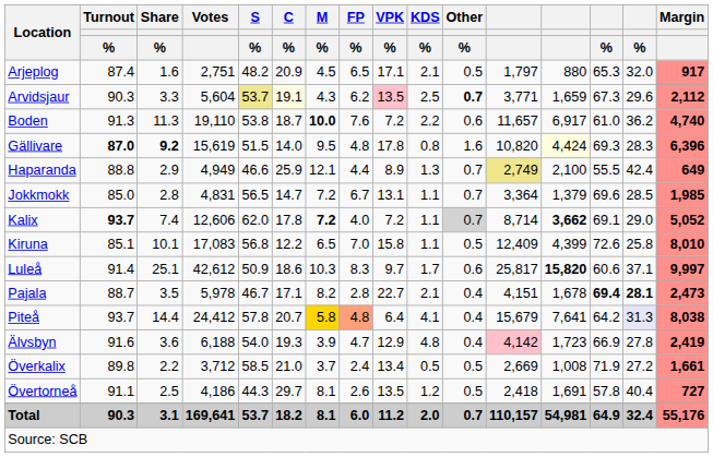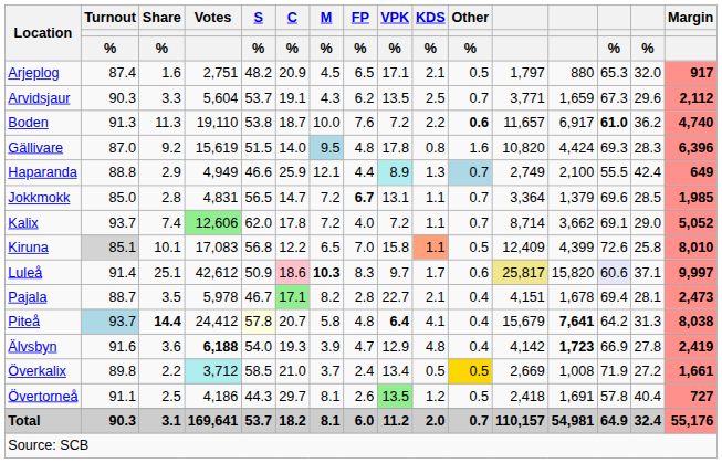 <table class="wikitable sortable" style="text-align:right; font-size:95%; line-height:20px;">
 <tr>
 <th rowspan="3">Location</th>
 <th>Turnout</th>
 <th>Share</th>
 <th>Votes</th>
 <th width="30px" class="unsortable"><a href='#'>S</a></th>
 <th width="30px" class="unsortable"><a href='#'>C</a></th>
 <th width="30px" class="unsortable"><a href='#'>M</a></th>
 <th width="30px" class="unsortable"><a href='#'>FP</a></th>
 <th width="30px" class="unsortable"><a href='#'>VPK</a></th>
 <th width="30px" class="unsortable"><a href='#'>KDS</a></th>
 <th width="30px" class="unsortable">Other</th>
 <th></th>
 <th></th>
 <th></th>
 <th></th>
 <th>Margin</th>
 </tr>
 <tr>
 <th></th>
 <th></th>
 <th></th>
 <th style="background:"></th>
 <th style="background:"></th>
 <th style="background:"></th>
 <th style="background:"></th>
 <th style="background:"></th>
 <th style="background:"></th>
 <th style="background:"></th>
 <th style="background:"></th>
 <th style="background:"></th>
 <th style="background:"></th>
 <th style="background:"></th>
 <th></th>
 </tr>
 <tr>
 <th data-sort-type="number">%</th>
 <th data-sort-type="number">%</th>
 <th></th>
 <th data-sort-type="number">%</th>
 <th data-sort-type="number">%</th>
 <th data-sort-type="number">%</th>
 <th data-sort-type="number">%</th>
 <th data-sort-type="number">%</th>
 <th data-sort-type="number">%</th>
 <th data-sort-type="number">%</th>
 <th data-sort-type="number"></th>
 <th data-sort-type="number"></th>
 <th data-sort-type="number">%</th>
 <th data-sort-type="number">%</th>
 <th data-sort-type="number"></th>
 </tr>
 <tr>
 <td align=left><a href='#'>Arjeplog</a></td>
 <td>87.4</td>
 <td>1.6</td>
 <td>2,751</td>
 <td>48.2</td>
 <td>20.9</td>
 <td>4.5</td>
 <td>6.5</td>
 <td>17.1</td>
 <td>2.1</td>
 <td>0.5</td>
 <td>1,797</td>
 <td>880</td>
 <td>65.3</td>
 <td>32.0</td>
 <td bgcolor=#ff908c><strong>917</strong></td>
 </tr>
 <tr>
 <td align=left><a href='#'>Arvidsjaur</a></td>
 <td>90.3</td>
 <td>3.3</td>
 <td>5,604</td>
-<td style="background: khaki;">53.7</td>
-<td style="background: lightyellow;">19.1</td>
+<td>53.7</td>
+<td>19.1</td>
 <td>4.3</td>
 <td>6.2</td>
-<td style="background: pink;">13.5</td>
+<td>13.5</td>
 <td>2.5</td>
-<td><strong>0.7</strong></td>
+<td>0.7</td>
 <td>3,771</td>
 <td>1,659</td>
 <td>67.3</td>
 <td>29.6</td>
 <td bgcolor=#ff908c><strong>2,112</strong></td>
 </tr>
 <tr>
 <td align=left><a href='#'>Boden</a></td>
 <td>91.3</td>
 <td>11.3</td>
 <td>19,110</td>
 <td>53.8</td>
 <td>18.7</td>
-<td><strong>10.0</strong></td>
+<td>10.0</td>
 <td>7.6</td>
 <td>7.2</td>
 <td>2.2</td>
-<td>0.6</td>
+<td><strong>0.6</strong></td>
 <td>11,657</td>
 <td>6,917</td>
-<td>61.0</td>
+<td><strong>61.0</strong></td>
 <td>36.2</td>
 <td bgcolor=#ff908c><strong>4,740</strong></td>
 </tr>
 <tr>
 <td align=left><a href='#'>Gällivare</a></td>
-<td><strong>87.0</strong></td>
-<td><strong>9.2</strong></td>
+<td>87.0</td>
+<td>9.2</td>
 <td>15,619</td>
 <td>51.5</td>
 <td>14.0</td>
-<td>9.5</td>
+<td style="background: lightblue;">9.5</td>
 <td>4.8</td>
 <td>17.8</td>
 <td>0.8</td>
 <td>1.6</td>
 <td>10,820</td>
-<td style="background: lightyellow;">4,424</td>
+<td>4,424</td>
 <td>69.3</td>
 <td>28.3</td>
 <td bgcolor=#ff908c><strong>6,396</strong></td>
 </tr>
 <tr>
 <td align=left><a href='#'>Haparanda</a></td>
 <td>88.8</td>
 <td>2.9</td>
 <td>4,949</td>
 <td>46.6</td>
 <td>25.9</td>
 <td>12.1</td>
 <td>4.4</td>
-<td>8.9</td>
+<td style="background: paleturquoise;">8.9</td>
 <td>1.3</td>
-<td>0.7</td>
-<td style="background: khaki;">2,749</td>
+<td style="background: lightblue;">0.7</td>
+<td>2,749</td>
 <td>2,100</td>
 <td>55.5</td>
 <td>42.4</td>
 <td bgcolor=#ff908c><strong>649</strong></td>
 </tr>
 <tr>
 <td align=left><a href='#'>Jokkmokk</a></td>
 <td>85.0</td>
 <td>2.8</td>
 <td>4,831</td>
 <td>56.5</td>
 <td>14.7</td>
 <td>7.2</td>
-<td>6.7</td>
+<td><strong>6.7</strong></td>
 <td>13.1</td>
 <td>1.1</td>
 <td>0.7</td>
 <td>3,364</td>
 <td>1,379</td>
 <td>69.6</td>
 <td>28.5</td>
 <td bgcolor=#ff908c><strong>1,985</strong></td>
 </tr>
 <tr>
 <td align=left><a href='#'>Kalix</a></td>
-<td><strong>93.7</strong></td>
+<td>93.7</td>
 <td>7.4</td>
-<td>12,606</td>
+<td style="background: lightgreen;">12,606</td>
 <td>62.0</td>
 <td>17.8</td>
-<td><strong>7.2</strong></td>
+<td>7.2</td>
 <td>4.0</td>
 <td>7.2</td>
 <td>1.1</td>
-<td style="background: lightgrey;">0.7</td>
+<td>0.7</td>
 <td>8,714</td>
-<td><strong>3,662</strong></td>
+<td>3,662</td>
 <td>69.1</td>
 <td>29.0</td>
 <td bgcolor=#ff908c><strong>5,052</strong></td>
 </tr>
 <tr>
 <td align=left><a href='#'>Kiruna</a></td>
-<td>85.1</td>
+<td style="background: lightgrey;">85.1</td>
 <td>10.1</td>
 <td>17,083</td>
 <td>56.8</td>
 <td>12.2</td>
 <td>6.5</td>
 <td>7.0</td>
 <td>15.8</td>
-<td>1.1</td>
+<td style="background: lightsalmon;">1.1</td>
 <td>0.5</td>
 <td>12,409</td>
 <td>4,399</td>
 <td>72.6</td>
 <td>25.8</td>
 <td bgcolor=#ff908c><strong>8,010</strong></td>
 </tr>
 <tr>
 <td align=left><a href='#'>Luleå</a></td>
 <td>91.4</td>
 <td>25.1</td>
 <td>42,612</td>
 <td>50.9</td>
-<td>18.6</td>
-<td>10.3</td>
+<td style="background: pink;">18.6</td>
+<td><strong>10.3</strong></td>
 <td>8.3</td>
 <td>9.7</td>
 <td>1.7</td>
 <td>0.6</td>
-<td>25,817</td>
-<td><strong>15,820</strong></td>
-<td>60.6</td>
+<td style="background: khaki;">25,817</td>
+<td>15,820</td>
+<td style="background: lavender;">60.6</td>
 <td>37.1</td>
 <td bgcolor=#ff908c><strong>9,997</strong></td>
 </tr>
 <tr>
 <td align=left><a href='#'>Pajala</a></td>
 <td>88.7</td>
 <td>3.5</td>
 <td>5,978</td>
 <td>46.7</td>
-<td>17.1</td>
+<td style="background: lightgreen;">17.1</td>
 <td>8.2</td>
 <td>2.8</td>
 <td>22.7</td>
 <td>2.1</td>
 <td>0.4</td>
 <td>4,151</td>
 <td>1,678</td>
-<td><strong>69.4</strong></td>
-<td><strong>28.1</strong></td>
+<td>69.4</td>
+<td>28.1</td>
 <td bgcolor=#ff908c><strong>2,473</strong></td>
 </tr>
 <tr>
 <td align=left><a href='#'>Piteå</a></td>
-<td>93.7</td>
-<td>14.4</td>
+<td style="background: lightblue;">93.7</td>
+<td><strong>14.4</strong></td>
 <td>24,412</td>
-<td>57.8</td>
+<td style="background: lightyellow;">57.8</td>
 <td>20.7</td>
-<td style="background: gold;">5.8</td>
-<td style="background: lightsalmon;">4.8</td>
-<td>6.4</td>
+<td>5.8</td>
+<td>4.8</td>
+<td><strong>6.4</strong></td>
 <td>4.1</td>
 <td>0.4</td>
 <td>15,679</td>
-<td>7,641</td>
+<td><strong>7,641</strong></td>
 <td>64.2</td>
-<td style="background: lavender;">31.3</td>
+<td>31.3</td>
 <td bgcolor=#ff908c><strong>8,038</strong></td>
 </tr>
 <tr>
 <td align=left><a href='#'>Älvsbyn</a></td>
 <td>91.6</td>
 <td>3.6</td>
-<td>6,188</td>
+<td><strong>6,188</strong></td>
 <td>54.0</td>
 <td>19.3</td>
 <td>3.9</td>
 <td>4.7</td>
 <td>12.9</td>
 <td>4.8</td>
 <td>0.4</td>
-<td style="background: pink;">4,142</td>
-<td>1,723</td>
+<td>4,142</td>
+<td><strong>1,723</strong></td>
 <td>66.9</td>
 <td>27.8</td>
 <td bgcolor=#ff908c><strong>2,419</strong></td>
 </tr>
 <tr>
 <td align=left><a href='#'>Överkalix</a></td>
 <td>89.8</td>
 <td>2.2</td>
-<td>3,712</td>
+<td style="background: paleturquoise;">3,712</td>
 <td>58.5</td>
 <td>21.0</td>
 <td>3.7</td>
 <td>2.4</td>
 <td>13.4</td>
 <td>0.5</td>
-<td>0.5</td>
+<td style="background: gold;">0.5</td>
 <td>2,669</td>
 <td>1,008</td>
 <td>71.9</td>
 <td>27.2</td>
 <td bgcolor=#ff908c><strong>1,661</strong></td>
 </tr>
 <tr>
 <td align=left><a href='#'>Övertorneå</a></td>
 <td>91.1</td>
 <td>2.5</td>
 <td>4,186</td>
 <td>44.3</td>
 <td>29.7</td>
 <td>8.1</td>
 <td>2.6</td>
-<td>13.5</td>
+<td style="background: lightgreen;">13.5</td>
 <td>1.2</td>
 <td>0.5</td>
 <td>2,418</td>
 <td>1,691</td>
 <td>57.8</td>
 <td>40.4</td>
 <td bgcolor=#ff908c><strong>727</strong></td>
 </tr>
 <tr>
 </tr>
 <tr style="background:#CDCDCD;">
 <td align=left><strong>Total</strong></td>
 <td><strong>90.3</strong></td>
 <td><strong>3.1</strong></td>
 <td><strong>169,641</strong></td>
 <td><strong>53.7</strong></td>
 <td><strong>18.2</strong></td>
 <td><strong>8.1</strong></td>
 <td><strong>6.0</strong></td>
 <td><strong>11.2</strong></td>
 <td><strong>2.0</strong></td>
 <td><strong>0.7</strong></td>
 <td><strong>110,157</strong></td>
 <td><strong>54,981</strong></td>
 <td><strong>64.9</strong></td>
 <td><strong>32.4</strong></td>
 <td bgcolor=#ff908c><strong>55,176</strong></td>
 </tr>
 <tr>
 <td align=left colspan=16>Source: SCB </td>
 </tr>
 </table>
